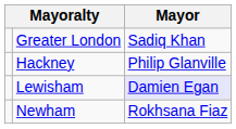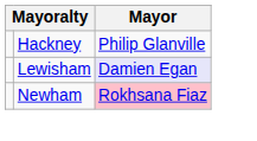 <table class="wikitable">
 <tr>
 <th colspan="2">Mayoralty</th>
 <th>Mayor</th>
-</tr>
-<tr>
-<td width="1" style="color:inherit;background:"></td>
-<td><a href='#'>Greater London</a></td>
-<td><a href='#'>Sadiq Khan</a></td>
 </tr>
 <tr>
 <td width="1" style="color:inherit;background:"></td>
 <td><a href='#'>Hackney</a></td>
 <td><a href='#'>Philip Glanville</a></td>
 </tr>
 <tr>
 <td width="1" style="color:inherit;background:"></td>
 <td><a href='#'>Lewisham</a></td>
 <td style="background: lavender;"><a href='#'>Damien Egan</a></td>
 </tr>
 <tr>
 <td width="1" style="color:inherit;background:"></td>
 <td><a href='#'>Newham</a></td>
-<td><a href='#'>Rokhsana Fiaz</a></td>
+<td style="background: pink;"><a href='#'>Rokhsana Fiaz</a></td>
 </tr>
 </table>
